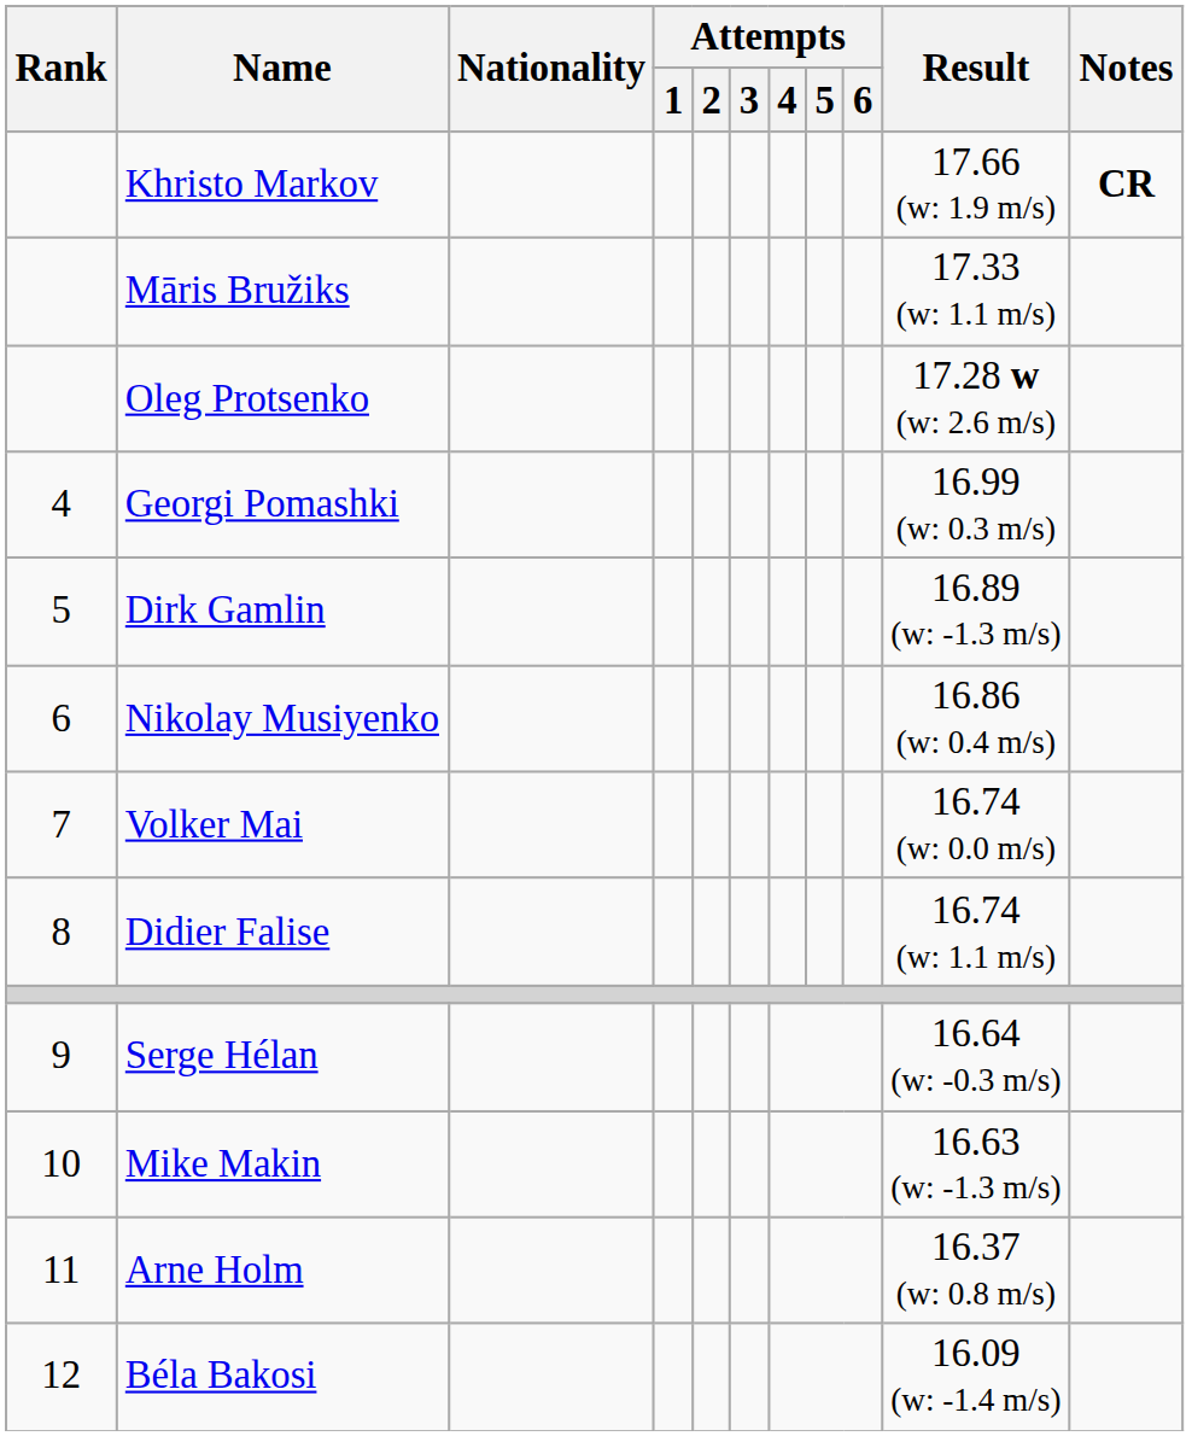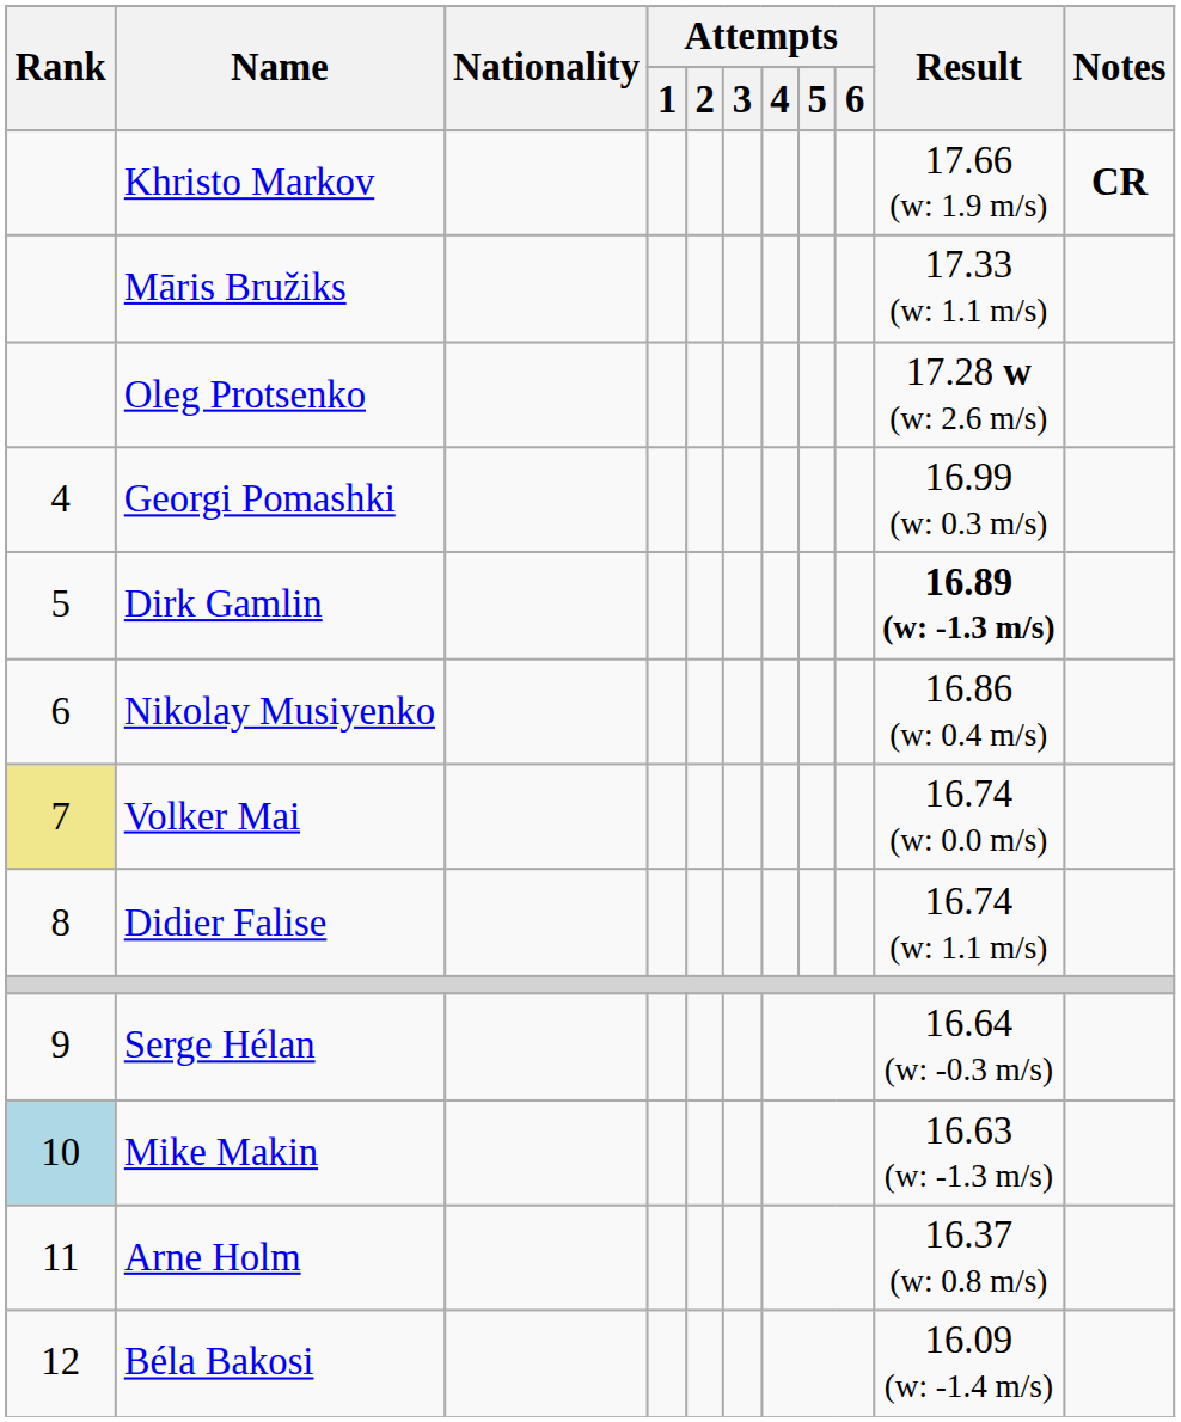 <table class="wikitable sortable" style="text-align:center">
 <tr>
 <th rowspan="2">Rank</th>
 <th rowspan="2">Name</th>
 <th rowspan="2">Nationality</th>
 <th colspan="6">Attempts</th>
 <th rowspan="2">Result</th>
 <th rowspan="2">Notes</th>
 </tr>
 <tr>
 <th>1</th>
 <th>2</th>
 <th>3</th>
 <th>4</th>
 <th>5</th>
 <th>6</th>
 </tr>
 <tr>
 <td></td>
 <td align=left><a href='#'>Khristo Markov</a></td>
 <td align=left></td>
 <td></td>
 <td></td>
 <td></td>
 <td></td>
 <td></td>
 <td></td>
 <td>17.66<br><small>(w: 1.9 m/s)</small></td>
 <td><strong>CR</strong></td>
 </tr>
 <tr>
 <td></td>
 <td align=left><a href='#'>Māris Bružiks</a></td>
 <td align=left></td>
 <td></td>
 <td></td>
 <td></td>
 <td></td>
 <td></td>
 <td></td>
 <td>17.33<br><small>(w: 1.1 m/s)</small></td>
 <td></td>
 </tr>
 <tr>
 <td></td>
 <td align=left><a href='#'>Oleg Protsenko</a></td>
 <td align=left></td>
 <td></td>
 <td></td>
 <td></td>
 <td></td>
 <td></td>
 <td></td>
 <td>17.28 <strong>w</strong><br><small>(w: 2.6 m/s)</small></td>
 <td></td>
 </tr>
 <tr>
 <td>4</td>
 <td align=left><a href='#'>Georgi Pomashki</a></td>
 <td align=left></td>
 <td></td>
 <td></td>
 <td></td>
 <td></td>
 <td></td>
 <td></td>
 <td>16.99<br><small>(w: 0.3 m/s)</small></td>
 <td></td>
 </tr>
 <tr>
 <td>5</td>
 <td align=left><a href='#'>Dirk Gamlin</a></td>
 <td align=left></td>
 <td></td>
 <td></td>
 <td></td>
 <td></td>
 <td></td>
 <td></td>
-<td>16.89<br><small>(w: -1.3 m/s)</small></td>
+<td><strong>16.89<br><small>(w: -1.3 m/s)</small></strong></td>
 <td></td>
 </tr>
 <tr>
 <td>6</td>
 <td align=left><a href='#'>Nikolay Musiyenko</a></td>
 <td align=left></td>
 <td></td>
 <td></td>
 <td></td>
 <td></td>
 <td></td>
 <td></td>
 <td>16.86<br><small>(w: 0.4 m/s)</small></td>
 <td></td>
 </tr>
 <tr>
-<td>7</td>
+<td style="background: khaki;">7</td>
 <td align=left><a href='#'>Volker Mai</a></td>
 <td align=left></td>
 <td></td>
 <td></td>
 <td></td>
 <td></td>
 <td></td>
 <td></td>
 <td>16.74<br><small>(w: 0.0 m/s)</small></td>
 <td></td>
 </tr>
 <tr>
 <td>8</td>
 <td align=left><a href='#'>Didier Falise</a></td>
 <td align=left></td>
 <td></td>
 <td></td>
 <td></td>
 <td></td>
 <td></td>
 <td></td>
 <td>16.74<br><small>(w: 1.1 m/s)</small></td>
 <td></td>
 </tr>
 <tr>
 <td colspan=11 bgcolor=lightgray></td>
 </tr>
 <tr>
 <td>9</td>
 <td align=left><a href='#'>Serge Hélan</a></td>
 <td align=left></td>
 <td></td>
 <td></td>
 <td></td>
 <td colspan="3"></td>
 <td>16.64<br><small>(w: -0.3 m/s)</small></td>
 <td></td>
 </tr>
 <tr>
-<td>10</td>
+<td style="background: lightblue;">10</td>
 <td align=left><a href='#'>Mike Makin</a></td>
 <td align=left></td>
 <td></td>
 <td></td>
 <td></td>
 <td colspan="3"></td>
 <td>16.63<br><small>(w: -1.3 m/s)</small></td>
 <td></td>
 </tr>
 <tr>
 <td>11</td>
 <td align=left><a href='#'>Arne Holm</a></td>
 <td align=left></td>
 <td></td>
 <td></td>
 <td></td>
 <td colspan="3"></td>
 <td>16.37<br><small>(w: 0.8 m/s)</small></td>
 <td></td>
 </tr>
 <tr>
 <td>12</td>
 <td align=left><a href='#'>Béla Bakosi</a></td>
 <td align=left></td>
 <td></td>
 <td></td>
 <td></td>
 <td colspan="3"></td>
 <td>16.09<br><small>(w: -1.4 m/s)</small></td>
 <td></td>
 </tr>
 </table>
